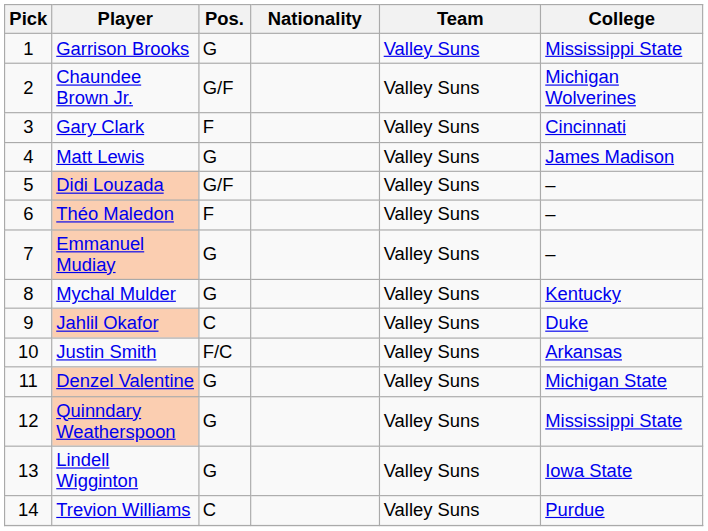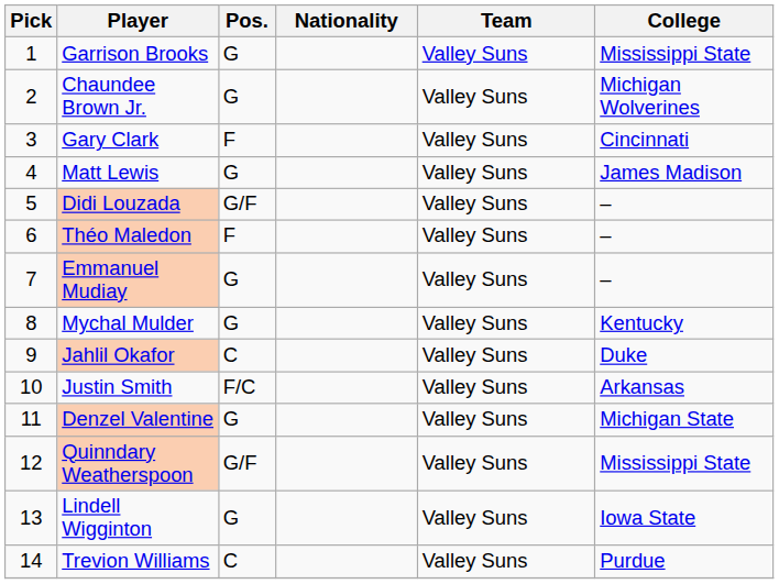 <table class="wikitable sortable">
 <tr>
 <th width="1%">Pick</th>
 <th width="17%">Player</th>
 <th width="4%">Pos.</th>
 <th width="16%">Nationality</th>
 <th width="20%" class="unsortable">Team</th>
 <th width="20%">College</th>
 </tr>
 <tr>
 <td align=center>1</td>
 <td><a href='#'>Garrison Brooks</a></td>
 <td>G</td>
 <td></td>
 <td><a href='#'>Valley Suns</a></td>
 <td><a href='#'>Mississippi State</a></td>
 </tr>
 <tr>
 <td align=center>2</td>
 <td><a href='#'>Chaundee Brown Jr.</a></td>
-<td>G/F</td>
+<td>G</td>
 <td></td>
 <td>Valley Suns</td>
 <td><a href='#'>Michigan Wolverines</a></td>
 </tr>
 <tr>
 <td align=center>3</td>
 <td><a href='#'>Gary Clark</a></td>
 <td>F</td>
 <td></td>
 <td>Valley Suns</td>
 <td><a href='#'>Cincinnati</a></td>
 </tr>
 <tr>
 <td align=center>4</td>
 <td><a href='#'>Matt Lewis</a></td>
 <td>G</td>
 <td></td>
 <td>Valley Suns</td>
 <td><a href='#'>James Madison</a></td>
 </tr>
 <tr>
 <td align=center>5</td>
 <td style="background-color:#FBCEB1"><a href='#'>Didi Louzada</a></td>
 <td>G/F</td>
 <td></td>
 <td>Valley Suns</td>
 <td>–</td>
 </tr>
 <tr>
 <td align=center>6</td>
 <td style="background-color:#FBCEB1"><a href='#'>Théo Maledon</a></td>
 <td>F</td>
 <td></td>
 <td>Valley Suns</td>
 <td>–</td>
 </tr>
 <tr>
 <td align=center>7</td>
 <td style="background-color:#FBCEB1"><a href='#'>Emmanuel Mudiay</a></td>
 <td>G</td>
 <td></td>
 <td>Valley Suns</td>
 <td>–</td>
 </tr>
 <tr>
 <td align=center>8</td>
 <td><a href='#'>Mychal Mulder</a></td>
 <td>G</td>
 <td></td>
 <td>Valley Suns</td>
 <td><a href='#'>Kentucky</a></td>
 </tr>
 <tr>
 <td align=center>9</td>
 <td style="background-color:#FBCEB1"><a href='#'>Jahlil Okafor</a></td>
 <td>C</td>
 <td></td>
 <td>Valley Suns</td>
 <td><a href='#'>Duke</a></td>
 </tr>
 <tr>
 <td align=center>10</td>
 <td><a href='#'>Justin Smith</a></td>
 <td>F/C</td>
 <td></td>
 <td>Valley Suns</td>
 <td><a href='#'>Arkansas</a></td>
 </tr>
 <tr>
 <td align=center>11</td>
 <td style="background-color:#FBCEB1"><a href='#'>Denzel Valentine</a></td>
 <td>G</td>
 <td></td>
 <td>Valley Suns</td>
 <td><a href='#'>Michigan State</a></td>
 </tr>
 <tr>
 <td align=center>12</td>
 <td style="background-color:#FBCEB1"><a href='#'>Quinndary Weatherspoon</a></td>
-<td>G</td>
+<td>G/F</td>
 <td></td>
 <td>Valley Suns</td>
 <td><a href='#'>Mississippi State</a></td>
 </tr>
 <tr>
 <td align=center>13</td>
 <td><a href='#'>Lindell Wigginton</a></td>
 <td>G</td>
 <td></td>
 <td>Valley Suns</td>
 <td><a href='#'>Iowa State</a></td>
 </tr>
 <tr>
 <td align=center>14</td>
 <td><a href='#'>Trevion Williams</a></td>
 <td>C</td>
 <td></td>
 <td>Valley Suns</td>
 <td><a href='#'>Purdue</a></td>
 </tr>
 <tr>
 </tr>
 </table>
